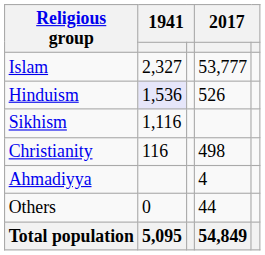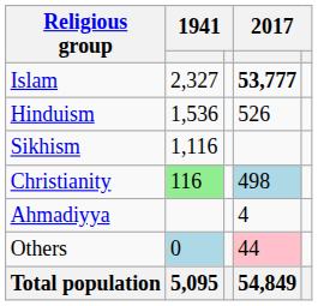 <table class="wikitable sortable">
 <tr>
 <th rowspan="2"><a href='#'>Religious</a><br>group</th>
 <th colspan="2">1941</th>
 <th colspan="2">2017</th>
 </tr>
 <tr>
 <th><a href='#'></a></th>
 <th></th>
 <th></th>
 <th></th>
 </tr>
 <tr>
 <td><a href='#'>Islam</a> </td>
 <td>2,327</td>
 <td></td>
-<td>53,777</td>
+<td><strong>53,777</strong></td>
 <td></td>
 </tr>
 <tr>
 <td><a href='#'>Hinduism</a> </td>
-<td style="background: lavender;">1,536</td>
+<td>1,536</td>
 <td></td>
 <td>526</td>
 <td></td>
 </tr>
 <tr>
 <td><a href='#'>Sikhism</a> </td>
 <td>1,116</td>
 <td></td>
 <td></td>
 <td></td>
 </tr>
 <tr>
 <td><a href='#'>Christianity</a> </td>
-<td>116</td>
+<td style="background: lightgreen;">116</td>
 <td></td>
-<td>498</td>
+<td style="background: lightblue;">498</td>
 <td></td>
 </tr>
 <tr>
 <td><a href='#'>Ahmadiyya</a> </td>
 <td></td>
 <td></td>
 <td>4</td>
 <td></td>
 </tr>
 <tr>
 <td>Others</td>
-<td>0</td>
+<td style="background: lightblue;">0</td>
 <td></td>
-<td>44</td>
+<td style="background: pink;">44</td>
 <td></td>
 </tr>
 <tr>
 <th>Total population</th>
 <th>5,095</th>
 <th></th>
 <th>54,849</th>
 <th></th>
 </tr>
 </table>
